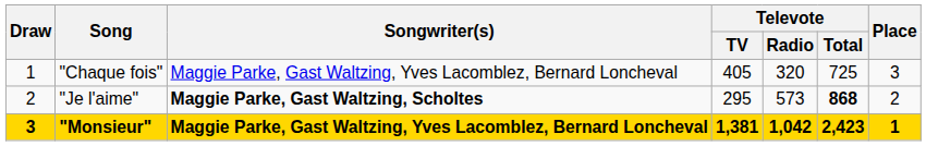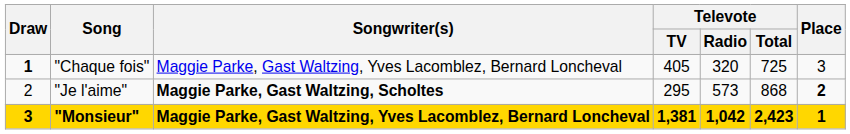 <table class="sortable wikitable" style="margin: 1em auto 1em auto; text-align:center">
 <tr>
 <th rowspan="2">Draw</th>
 <th rowspan="2">Song</th>
 <th rowspan="2">Songwriter(s)</th>
 <th colspan="3">Televote</th>
 <th rowspan="2">Place</th>
 </tr>
 <tr>
 <th>TV</th>
 <th>Radio</th>
 <th>Total</th>
 </tr>
 <tr>
-<td>1</td>
+<td><strong>1</strong></td>
 <td align="left">"Chaque fois"</td>
 <td align="left"><a href='#'>Maggie Parke</a>, <a href='#'>Gast Waltzing</a>, Yves Lacomblez, Bernard Loncheval</td>
 <td>405</td>
 <td>320</td>
 <td>725</td>
 <td>3</td>
 </tr>
 <tr>
 <td>2</td>
 <td align="left">"Je l'aime"</td>
 <td align="left"><strong>Maggie Parke, Gast Waltzing, Scholtes</strong></td>
 <td>295</td>
 <td>573</td>
-<td><strong>868</strong></td>
-<td>2</td>
+<td>868</td>
+<td><strong>2</strong></td>
 </tr>
 <tr style="font-weight:bold; background:gold;">
 <td>3</td>
 <td align="left">"Monsieur"</td>
 <td align="left">Maggie Parke, Gast Waltzing, Yves Lacomblez, Bernard Loncheval</td>
 <td>1,381</td>
 <td>1,042</td>
 <td>2,423</td>
 <td>1</td>
 </tr>
 </table>
